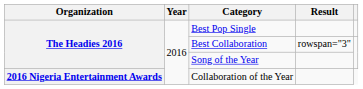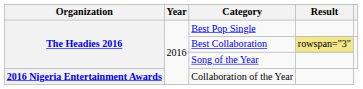 <table class="wikitable sortable plainrowheaders" style="border:none; margin:0;">
 <tr>
 <th scope="col">Organization</th>
 <th scope="col">Year</th>
 <th scope="col">Category</th>
 <th scope="col">Result</th>
 <th class="unsortable" scope="col"></th>
 </tr>
 <tr>
 <th scope="row" rowspan="3"><a href='#'>The Headies 2016</a></th>
 <td rowspan="4">2016</td>
 <td><a href='#'>Best Pop Single</a></td>
 <td></td>
 <td></td>
 </tr>
 <tr>
 <td><a href='#'>Best Collaboration</a></td>
-<td>rowspan="3" </td>
+<td style="background: khaki;">rowspan="3" </td>
 <td rowspan="2"></td>
 </tr>
 <tr>
 <td><a href='#'>Song of the Year</a></td>
 </tr>
 <tr>
 <th scope="row"><a href='#'>2016 Nigeria Entertainment Awards</a></th>
 <td>Collaboration of the Year</td>
 <td></td>
 </tr>
 </table>
